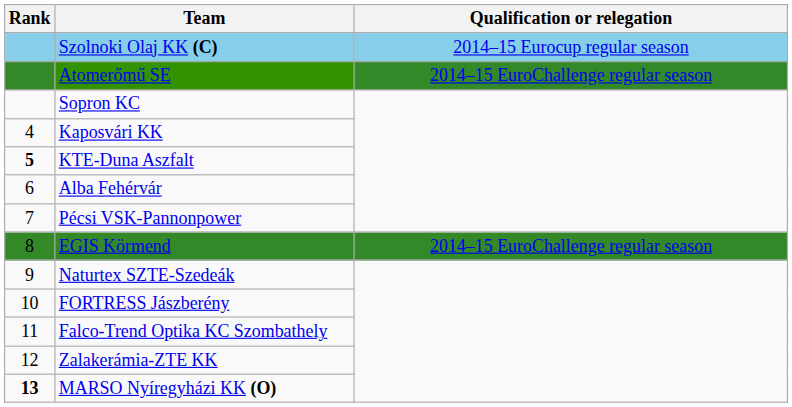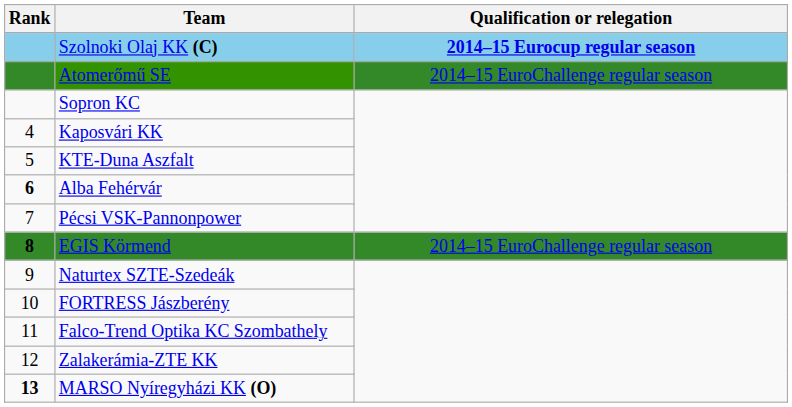 <table class="wikitable">
 <tr>
 <th>Rank</th>
 <th>Team</th>
 <th>Qualification or relegation</th>
 </tr>
 <tr>
 <td align="center" bgcolor=#87CEEB></td>
 <td width=260 align="left" bgcolor=#87CEEB> <a href='#'>Szolnoki Olaj KK</a> <strong>(C)</strong></td>
-<td width=380 align="center" bgcolor=#87CEEB><a href='#'>2014–15 Eurocup regular season</a></td>
+<td width=380 align="center" bgcolor=#87CEEB><strong><a href='#'>2014–15 Eurocup regular season</a></strong></td>
 </tr>
 <tr>
 <td align="center" bgcolor=#338928></td>
 <td align="left" bgcolor=#338928; color:white> <a href='#'>Atomerőmű SE</a></td>
 <td align="center" bgcolor=#338928><a href='#'>2014–15 EuroChallenge regular season</a></td>
 </tr>
 <tr>
 <td align="center" bgcolor=></td>
 <td align="left" bgcolor=> <a href='#'>Sopron KC</a></td>
 </tr>
 <tr>
 <td align="center" bgcolor=>4</td>
 <td align="left" bgcolor=> <a href='#'>Kaposvári KK</a></td>
 </tr>
 <tr>
-<td align="center" bgcolor=><strong>5</strong></td>
+<td align="center" bgcolor=>5</td>
 <td align="left" bgcolor=> <a href='#'>KTE-Duna Aszfalt</a></td>
 </tr>
 <tr>
-<td align="center" bgcolor=>6</td>
+<td align="center" bgcolor=><strong>6</strong></td>
 <td align="left" bgcolor=> <a href='#'>Alba Fehérvár</a></td>
 </tr>
 <tr>
 <td align="center" bgcolor=>7</td>
 <td align="left" bgcolor=> <a href='#'>Pécsi VSK-Pannonpower</a></td>
 </tr>
 <tr>
-<td align="center" bgcolor=#338928>8</td>
+<td align="center" bgcolor=#338928><strong>8</strong></td>
 <td align="left" bgcolor=#338928> <a href='#'>EGIS Körmend</a></td>
 <td align="center" bgcolor=#338928><a href='#'>2014–15 EuroChallenge regular season</a></td>
 </tr>
 <tr>
 <td align="center" bgcolor=>9</td>
 <td align="left" bgcolor=> <a href='#'>Naturtex SZTE-Szedeák</a></td>
 </tr>
 <tr>
 <td align="center" bgcolor=>10</td>
 <td align="left" bgcolor=> <a href='#'>FORTRESS Jászberény</a></td>
 </tr>
 <tr>
 <td align="center" bgcolor=>11</td>
 <td align="left" bgcolor=> <a href='#'>Falco-Trend Optika KC Szombathely</a></td>
 </tr>
 <tr>
 <td align="center" bgcolor=>12</td>
 <td align="left" bgcolor=> <a href='#'>Zalakerámia-ZTE KK</a></td>
 </tr>
 <tr>
 <td align="center" bgcolor=><strong>13</strong></td>
 <td align="left" bgcolor=> <a href='#'>MARSO Nyíregyházi KK</a> <strong>(O)</strong></td>
 </tr>
 </table>
